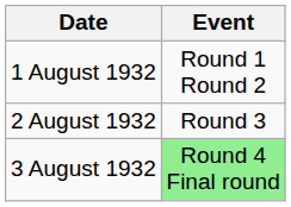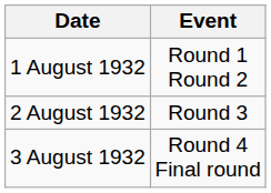 <table class = "wikitable" style="text-align:center;">
 <tr>
 <th>Date</th>
 <th>Event</th>
 </tr>
 <tr>
 <td>1 August 1932</td>
 <td>Round 1<br>Round 2</td>
 </tr>
 <tr>
 <td>2 August 1932</td>
 <td>Round 3</td>
 </tr>
 <tr>
 <td>3 August 1932</td>
-<td style="background: lightgreen;">Round 4<br>Final round</td>
+<td>Round 4<br>Final round</td>
 </tr>
 </table>
